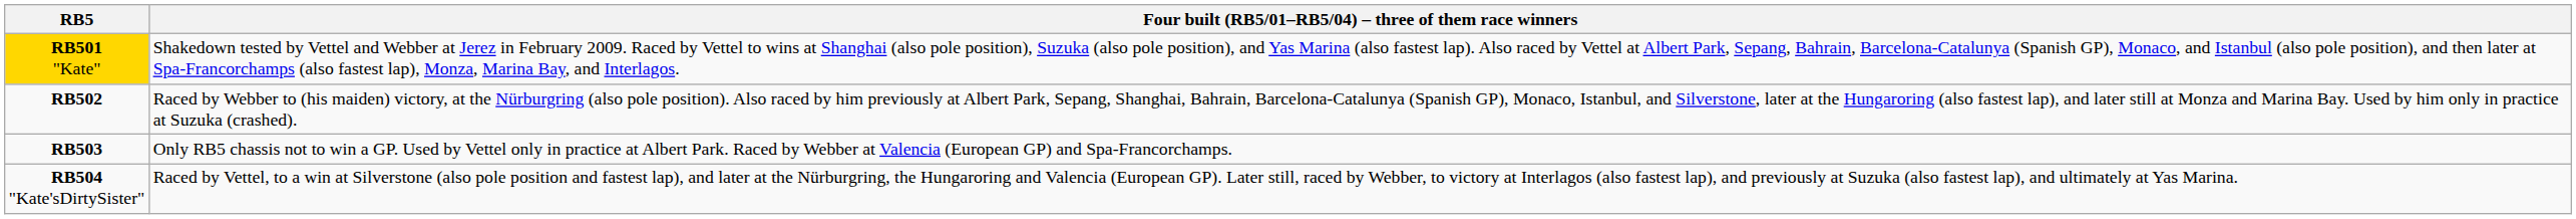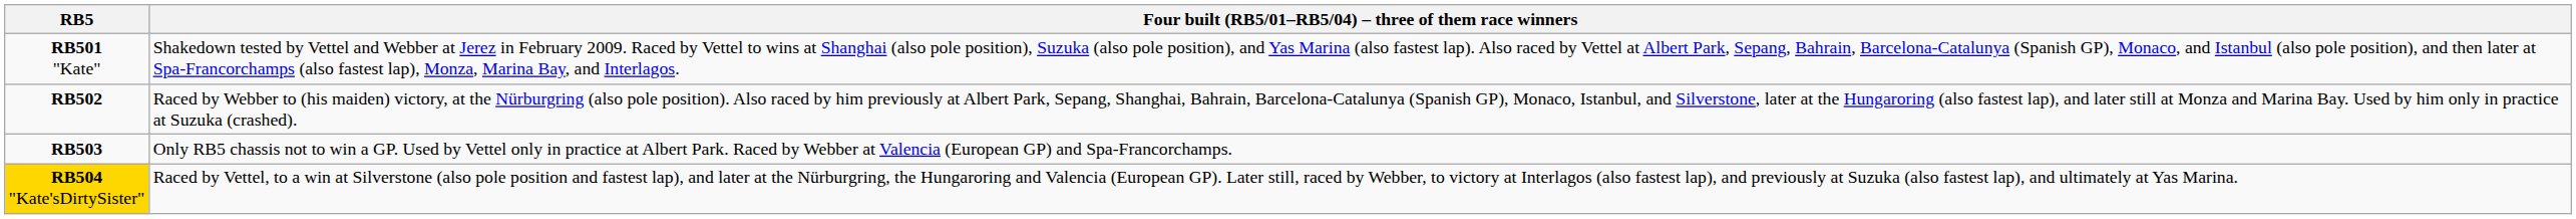 <table class="wikitable" style="font-size:85%">
 <tr style="vertical-align: top">
 <th><strong>RB5</strong></th>
 <th>Four built (RB5/01–RB5/04) – three of them race winners</th>
 </tr>
 <tr style="text-align:center; vertical-align: top;">
-<td style="background: gold;"><strong>RB501</strong><br>"Kate"</td>
+<td><strong>RB501</strong><br>"Kate"</td>
 <td style="text-align:left;">Shakedown tested by Vettel and Webber at <a href='#'>Jerez</a> in February 2009. Raced by Vettel to wins at <a href='#'>Shanghai</a> (also pole position), <a href='#'>Suzuka</a> (also pole position), and <a href='#'>Yas Marina</a> (also fastest lap). Also raced by Vettel at <a href='#'>Albert Park</a>, <a href='#'>Sepang</a>,  <a href='#'>Bahrain</a>, <a href='#'>Barcelona-Catalunya</a> (Spanish GP), <a href='#'>Monaco</a>, and <a href='#'>Istanbul</a> (also pole position), and then later at <a href='#'>Spa-Francorchamps</a> (also fastest lap), <a href='#'>Monza</a>, <a href='#'>Marina Bay</a>, and <a href='#'>Interlagos</a>.</td>
 </tr>
 <tr style="text-align:center; vertical-align: top;">
 <td><strong>RB502</strong></td>
 <td style="text-align:left;">Raced by Webber to (his maiden) victory, at the <a href='#'>Nürburgring</a> (also pole position). Also raced by him previously at Albert Park, Sepang, Shanghai, Bahrain, Barcelona-Catalunya (Spanish GP), Monaco, Istanbul, and <a href='#'>Silverstone</a>, later at the <a href='#'>Hungaroring</a> (also fastest lap), and later still at Monza and Marina Bay. Used by him only in practice at Suzuka (crashed).</td>
 </tr>
 <tr style="text-align:center; vertical-align: top;">
 <td><strong>RB503</strong></td>
 <td style="text-align:left;">Only RB5 chassis not to win a GP. Used by Vettel only in practice at Albert Park. Raced by Webber at <a href='#'>Valencia</a> (European GP) and Spa-Francorchamps.</td>
 </tr>
 <tr style="text-align:center; vertical-align: top;">
-<td><strong>RB504</strong><br>"Kate'sDirtySister"</td>
+<td style="background: gold;"><strong>RB504</strong><br>"Kate'sDirtySister"</td>
 <td style="text-align:left;">Raced by Vettel, to a win at Silverstone (also pole position and fastest lap), and later at the Nürburgring, the Hungaroring and Valencia (European GP). Later still, raced by Webber, to victory at Interlagos (also fastest lap), and previously at Suzuka (also fastest lap), and ultimately at Yas Marina.</td>
 </tr>
 </table>
